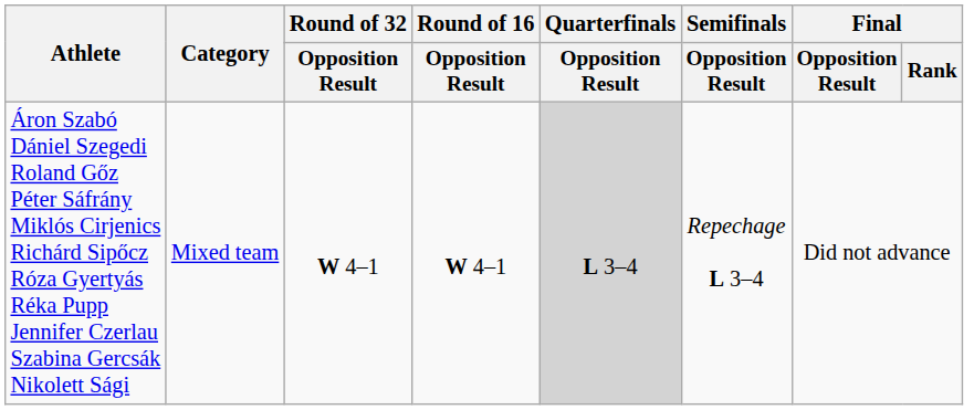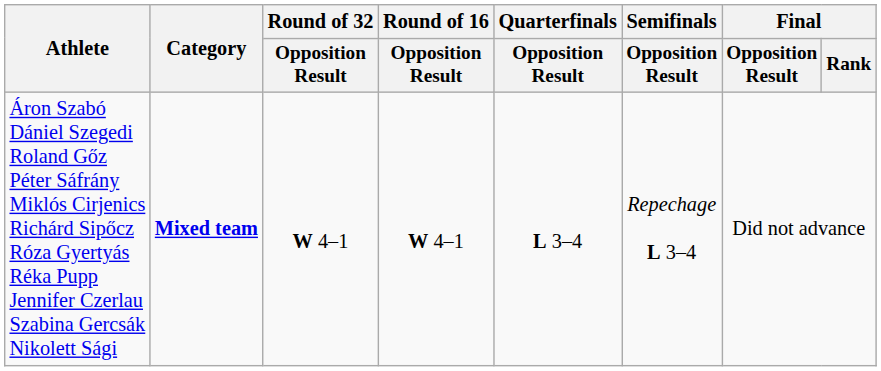 <table class="wikitable" style="text-align:center; font-size:90%">
 <tr>
 <th rowspan=2>Athlete</th>
 <th rowspan=2>Category</th>
 <th>Round of 32</th>
 <th>Round of 16</th>
 <th>Quarterfinals</th>
 <th>Semifinals</th>
 <th colspan=2>Final</th>
 </tr>
 <tr style="font-size:95%">
 <th>Opposition<br>Result</th>
 <th>Opposition<br>Result</th>
 <th>Opposition<br>Result</th>
 <th>Opposition<br>Result</th>
 <th>Opposition<br>Result</th>
 <th>Rank</th>
 </tr>
 <tr>
 <td align=left><a href='#'>Áron Szabó</a><br><a href='#'>Dániel Szegedi</a><br><a href='#'>Roland Gőz</a><br><a href='#'>Péter Sáfrány</a><br><a href='#'>Miklós Cirjenics</a><br><a href='#'>Richárd Sipőcz</a><br><a href='#'>Róza Gyertyás</a><br><a href='#'>Réka Pupp</a><br><a href='#'>Jennifer Czerlau</a><br><a href='#'>Szabina Gercsák</a><br><a href='#'>Nikolett Sági</a></td>
-<td align=left><a href='#'>Mixed team</a></td>
+<td align=left><strong><a href='#'>Mixed team</a></strong></td>
 <td><br><strong>W</strong> 4–1</td>
 <td><br><strong>W</strong> 4–1</td>
-<td style="background: lightgrey;"><br><strong>L</strong> 3–4</td>
+<td><br><strong>L</strong> 3–4</td>
 <td><em>Repechage</em><br><br><strong>L</strong> 3–4</td>
 <td colspan=2>Did not advance</td>
 </tr>
 </table>
